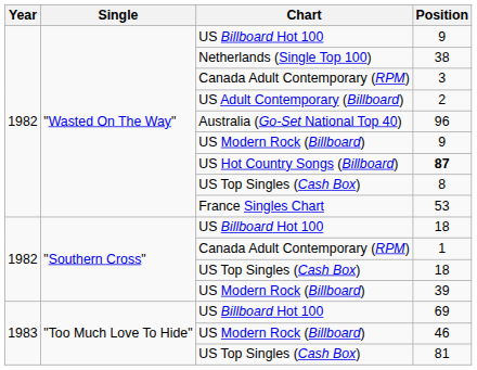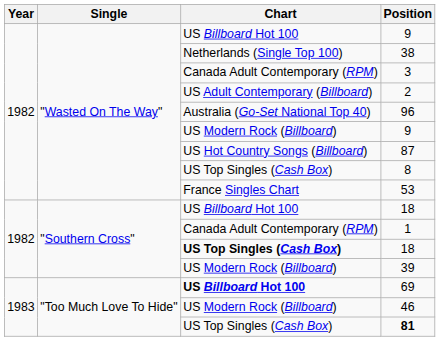 <table class="wikitable">
 <tr>
 <th>Year</th>
 <th>Single</th>
 <th>Chart</th>
 <th>Position</th>
 </tr>
 <tr>
 <td rowspan="9">1982</td>
 <td rowspan="9">"<a href='#'>Wasted On The Way</a>"</td>
 <td>US <a href='#'><em>Billboard</em> Hot 100</a></td>
 <td align="center">9</td>
 </tr>
 <tr>
 <td>Netherlands (<a href='#'>Single Top 100</a>)</td>
 <td align="center">38</td>
 </tr>
 <tr>
 <td>Canada Adult Contemporary (<em><a href='#'>RPM</a></em>)</td>
 <td align="center">3</td>
 </tr>
 <tr>
 <td>US <a href='#'>Adult Contemporary</a> (<em><a href='#'>Billboard</a></em>)</td>
 <td align="center">2</td>
 </tr>
 <tr>
 <td>Australia (<a href='#'><em>Go-Set</em> National Top 40</a>)</td>
 <td align="center">96</td>
 </tr>
 <tr>
 <td>US <a href='#'>Modern Rock</a> (<em><a href='#'>Billboard</a></em>)</td>
 <td align="center">9</td>
 </tr>
 <tr>
 <td>US <a href='#'>Hot Country Songs</a> (<em><a href='#'>Billboard</a></em>)</td>
-<td align="center"><strong>87</strong></td>
+<td align="center">87</td>
 </tr>
 <tr>
 <td>US Top Singles (<em><a href='#'>Cash Box</a></em>)</td>
 <td align="center">8</td>
 </tr>
 <tr>
 <td>France <a href='#'>Singles Chart</a></td>
 <td align="center">53</td>
 </tr>
 <tr>
 <td rowspan="4">1982</td>
 <td rowspan="4">"<a href='#'>Southern Cross</a>"</td>
 <td>US <a href='#'><em>Billboard</em> Hot 100</a></td>
 <td align="center">18</td>
 </tr>
 <tr>
 <td>Canada Adult Contemporary (<em><a href='#'>RPM</a></em>)</td>
 <td align="center">1</td>
 </tr>
 <tr>
-<td>US Top Singles (<em><a href='#'>Cash Box</a></em>)</td>
+<td><strong>US Top Singles (<em><a href='#'>Cash Box</a></em>)</strong></td>
 <td align="center">18</td>
 </tr>
 <tr>
 <td>US <a href='#'>Modern Rock</a> (<em><a href='#'>Billboard</a></em>)</td>
 <td align="center">39</td>
 </tr>
 <tr>
 <td rowspan="3">1983</td>
 <td rowspan="3">"Too Much Love To Hide"</td>
-<td>US <a href='#'><em>Billboard</em> Hot 100</a></td>
+<td><strong>US <a href='#'><em>Billboard</em> Hot 100</a></strong></td>
 <td align="center">69</td>
 </tr>
 <tr>
 <td>US <a href='#'>Modern Rock</a> (<em><a href='#'>Billboard</a></em>)</td>
 <td align="center">46</td>
 </tr>
 <tr>
 <td>US Top Singles (<em><a href='#'>Cash Box</a></em>)</td>
-<td align="center">81</td>
+<td align="center"><strong>81</strong></td>
 </tr>
 </table>
